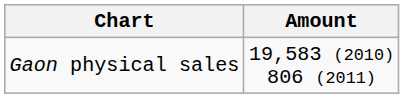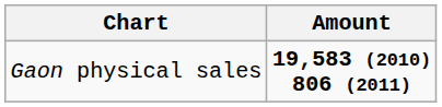 <table class="wikitable">
 <tr>
 <th>Chart</th>
 <th>Amount</th>
 </tr>
 <tr>
 <td><em>Gaon</em> physical sales</td>
-<td align="center">19,583 <small>(2010)</small><br>806 <small>(2011)</small></td>
+<td align="center"><strong>19,583 <small>(2010)</small><br>806 <small>(2011)</small></strong></td>
 </tr>
 </table>
